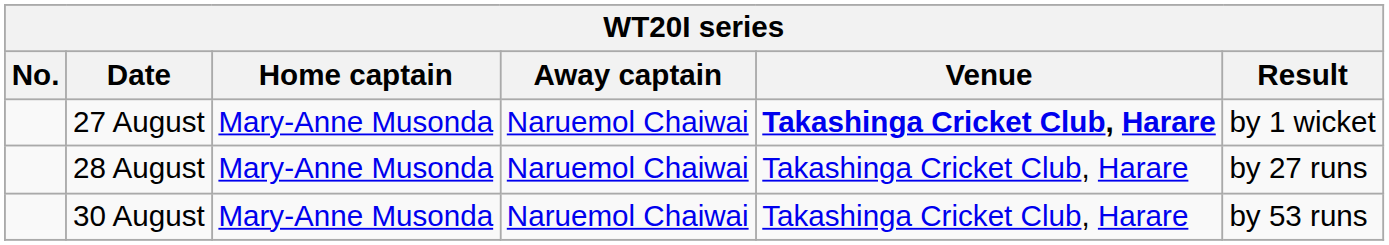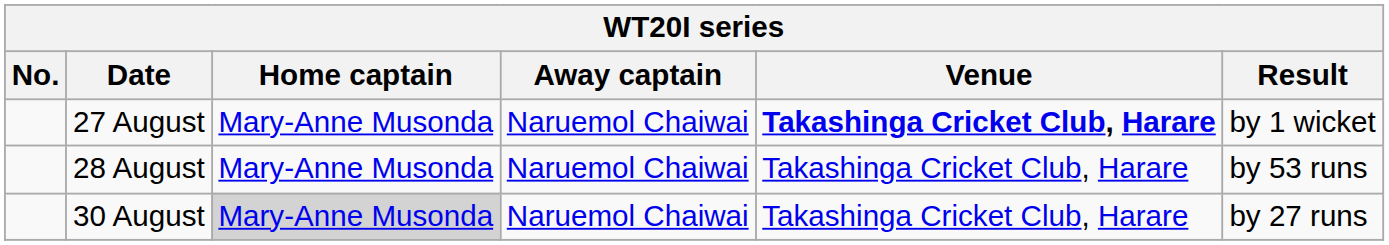 <table class="wikitable">
 <tr>
 <th colspan="9">WT20I series</th>
 </tr>
 <tr>
 <th>No.</th>
 <th>Date</th>
 <th>Home captain</th>
 <th>Away captain</th>
 <th>Venue</th>
 <th>Result</th>
 </tr>
 <tr>
 <td></td>
 <td>27 August</td>
 <td><a href='#'>Mary-Anne Musonda</a></td>
 <td><a href='#'>Naruemol Chaiwai</a></td>
 <td><strong><a href='#'>Takashinga Cricket Club</a>, <a href='#'>Harare</a></strong></td>
 <td> by 1 wicket</td>
 </tr>
 <tr>
 <td></td>
 <td>28 August</td>
 <td><a href='#'>Mary-Anne Musonda</a></td>
 <td><a href='#'>Naruemol Chaiwai</a></td>
 <td><a href='#'>Takashinga Cricket Club</a>, <a href='#'>Harare</a></td>
-<td> by 27 runs</td>
+<td> by 53 runs</td>
 </tr>
 <tr>
 <td></td>
 <td>30 August</td>
-<td><a href='#'>Mary-Anne Musonda</a></td>
+<td style="background: lightgrey;"><a href='#'>Mary-Anne Musonda</a></td>
 <td><a href='#'>Naruemol Chaiwai</a></td>
 <td><a href='#'>Takashinga Cricket Club</a>, <a href='#'>Harare</a></td>
-<td> by 53 runs</td>
+<td> by 27 runs</td>
 </tr>
 </table>
